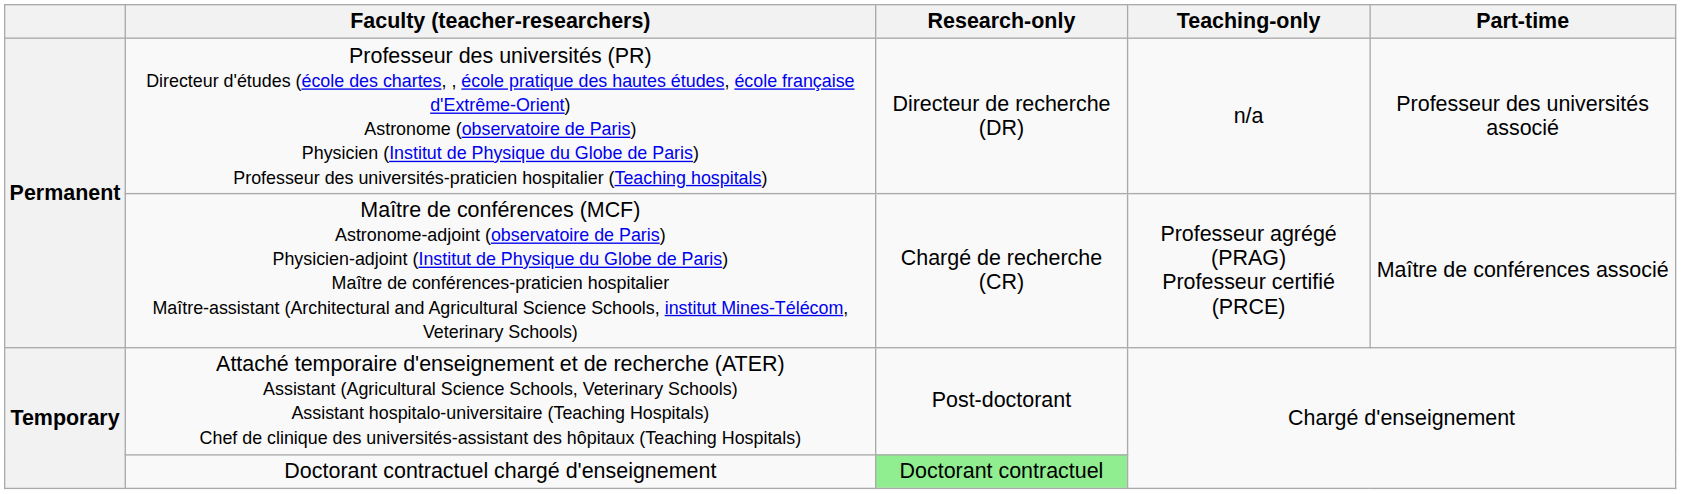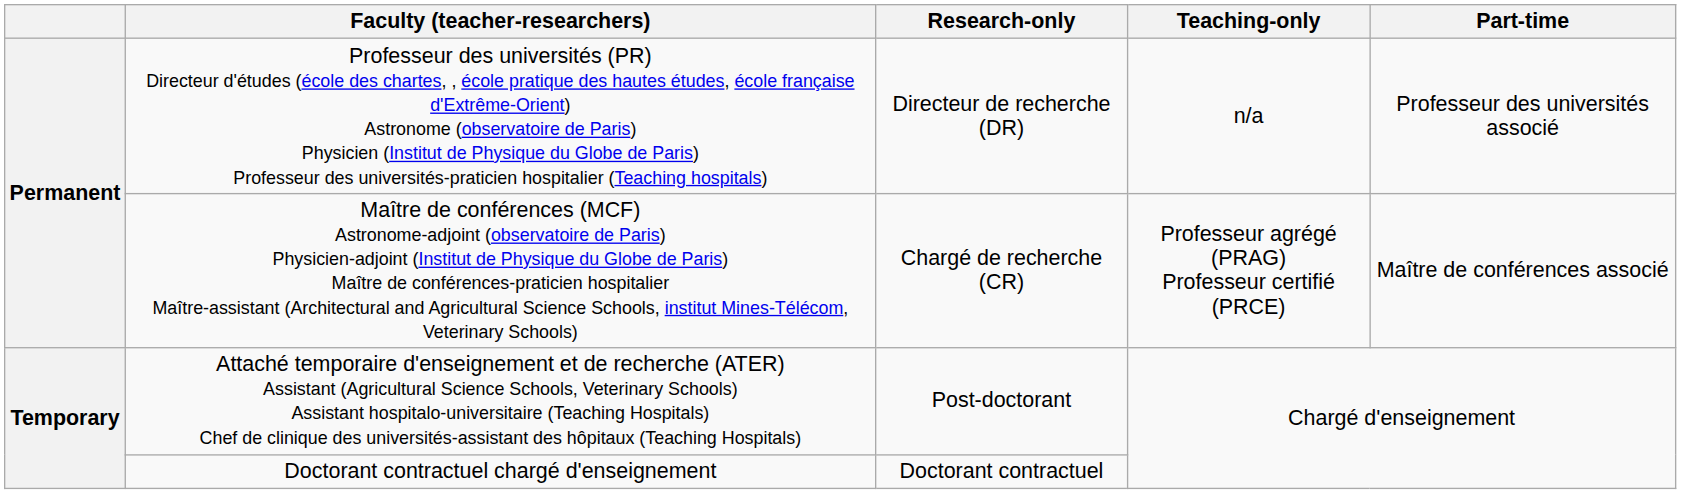 <table class="wikitable" style="text-align:center;">
 <tr>
 <th></th>
 <th scope="col" title="">Faculty (teacher-researchers)</th>
 <th scope="col" title="">Research-only</th>
 <th scope="col" title="">Teaching-only</th>
 <th scope="col" title="">Part-time</th>
 </tr>
 <tr>
 <th rowspan="2" scope="row" title="">Permanent</th>
 <td>Professeur des universités (PR)<br><small>Directeur d'études (<a href='#'>école des chartes</a>, , <a href='#'>école pratique des hautes études</a>, <a href='#'>école française d'Extrême-Orient</a>)<br>Astronome (<a href='#'>observatoire de Paris</a>)<br>Physicien (<a href='#'>Institut de Physique du Globe de Paris</a>)<br>Professeur des universités-praticien hospitalier (<a href='#'>Teaching hospitals</a>)</small></td>
 <td>Directeur de recherche (DR)</td>
 <td>n/a</td>
 <td>Professeur des universités associé</td>
 </tr>
 <tr>
 <td>Maître de conférences (MCF)<br><small>Astronome-adjoint (<a href='#'>observatoire de Paris</a>)<br>Physicien-adjoint (<a href='#'>Institut de Physique du Globe de Paris</a>)<br>Maître de conférences-praticien hospitalier<br>Maître-assistant (Architectural and Agricultural Science Schools, <a href='#'>institut Mines-Télécom</a>, Veterinary Schools)</small></td>
 <td>Chargé de recherche (CR)</td>
 <td>Professeur agrégé (PRAG)<br>Professeur certifié (PRCE)</td>
 <td>Maître de conférences associé</td>
 </tr>
 <tr>
 <th rowspan="2" scope="row" title="">Temporary</th>
 <td>Attaché temporaire d'enseignement et de recherche (ATER)<br><small>Assistant (Agricultural Science Schools, Veterinary Schools)<br>Assistant hospitalo-universitaire (Teaching Hospitals)<br>Chef de clinique des universités-assistant des hôpitaux (Teaching Hospitals)</small></td>
 <td>Post-doctorant</td>
 <td colspan="2" rowspan="2">Chargé d'enseignement</td>
 </tr>
 <tr>
 <td>Doctorant contractuel chargé d'enseignement</td>
-<td style="background: lightgreen;">Doctorant contractuel</td>
+<td>Doctorant contractuel</td>
 </tr>
 </table>
